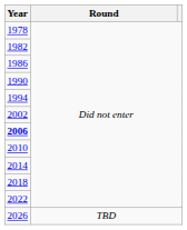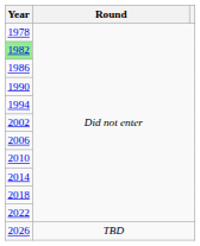 <table class="wikitable" style="text-align: center; font-size:90%">
 <tr>
 <th>Year</th>
 <th style="width:200px">Round</th>
 <th></th>
 </tr>
 <tr>
 <td><a href='#'>1978</a></td>
 <td colspan="2" rowspan="11"><em>Did not enter</em></td>
 </tr>
 <tr>
-<td><a href='#'>1982</a></td>
+<td style="background: lightgreen;"><a href='#'>1982</a></td>
 </tr>
 <tr>
 <td><a href='#'>1986</a></td>
 </tr>
 <tr>
 <td><a href='#'>1990</a></td>
 </tr>
 <tr>
 <td><a href='#'>1994</a></td>
 </tr>
 <tr>
 <td><a href='#'>2002</a></td>
 </tr>
 <tr>
-<td><strong><a href='#'>2006</a></strong></td>
+<td><a href='#'>2006</a></td>
 </tr>
 <tr>
 <td><a href='#'>2010</a></td>
 </tr>
 <tr>
 <td><a href='#'>2014</a></td>
 </tr>
 <tr>
 <td><a href='#'>2018</a></td>
 </tr>
 <tr>
 <td><a href='#'>2022</a></td>
 </tr>
 <tr>
 <td><a href='#'>2026</a></td>
 <td colspan="2"><em>TBD</em></td>
 </tr>
 </table>
